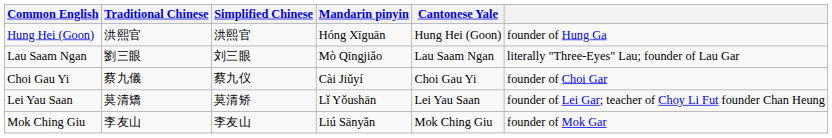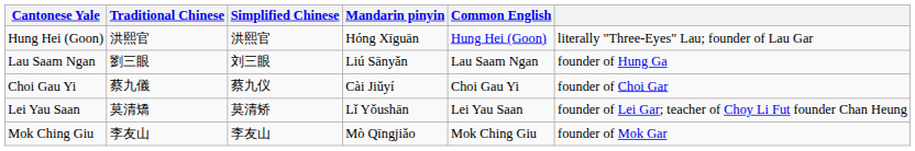 <table class="wikitable">
 <tr>
-<th><a href='#'>Common English</a></th>
+<th><a href='#'>Cantonese Yale</a></th>
 <th><a href='#'>Traditional Chinese</a></th>
 <th><a href='#'>Simplified Chinese</a></th>
 <th><a href='#'>Mandarin pinyin</a></th>
-<th><a href='#'>Cantonese Yale</a></th>
+<th><a href='#'>Common English</a></th>
 <th></th>
 </tr>
 <tr>
-<td><a href='#'>Hung Hei (Goon)</a></td>
+<td>Hung Hei (Goon)</td>
 <td>洪熙官</td>
 <td>洪熙官</td>
 <td>Hóng Xīguān</td>
-<td>Hung Hei (Goon)</td>
-<td>founder of <a href='#'>Hung Ga</a></td>
+<td><a href='#'>Hung Hei (Goon)</a></td>
+<td>literally "Three-Eyes" Lau; founder of Lau Gar</td>
 </tr>
 <tr>
 <td>Lau Saam Ngan</td>
 <td>劉三眼</td>
 <td>刘三眼</td>
-<td>Mò Qīngjiǎo</td>
+<td>Liú Sānyǎn</td>
 <td>Lau Saam Ngan</td>
-<td>literally "Three-Eyes" Lau; founder of Lau Gar</td>
+<td>founder of <a href='#'>Hung Ga</a></td>
 </tr>
 <tr>
 <td>Choi Gau Yi</td>
 <td>蔡九儀</td>
 <td>蔡九仪</td>
 <td>Cài Jiǔyí</td>
 <td>Choi Gau Yi</td>
 <td>founder of <a href='#'>Choi Gar</a></td>
 </tr>
 <tr>
 <td>Lei Yau Saan</td>
 <td>莫清矯</td>
 <td>莫清矫</td>
 <td>Lǐ Yǒushān</td>
 <td>Lei Yau Saan</td>
 <td>founder of <a href='#'>Lei Gar</a>; teacher of <a href='#'>Choy Li Fut</a> founder Chan Heung</td>
 </tr>
 <tr>
 <td>Mok Ching Giu</td>
 <td>李友山</td>
 <td>李友山</td>
-<td>Liú Sānyǎn</td>
+<td>Mò Qīngjiǎo</td>
 <td>Mok Ching Giu</td>
 <td>founder of <a href='#'>Mok Gar</a></td>
 </tr>
 </table>
